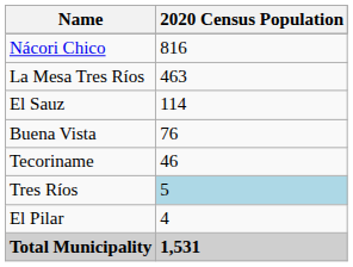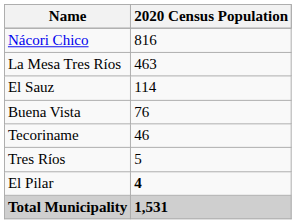 <table class="wikitable">
 <tr style="background:#000000; color:black;">
 <th><strong>Name</strong></th>
 <th><strong>2020 Census Population</strong></th>
 </tr>
 <tr>
 <td><a href='#'>Nácori Chico</a></td>
 <td>816</td>
 </tr>
 <tr>
 <td>La Mesa Tres Ríos</td>
 <td>463</td>
 </tr>
 <tr>
 <td>El Sauz</td>
 <td>114</td>
 </tr>
 <tr>
 <td>Buena Vista</td>
 <td>76</td>
 </tr>
 <tr>
 <td>Tecoriname</td>
 <td>46</td>
 </tr>
 <tr>
 <td>Tres Ríos</td>
-<td style="background: lightblue;">5</td>
+<td>5</td>
 </tr>
 <tr>
 <td>El Pilar</td>
-<td>4</td>
+<td><strong>4</strong></td>
 </tr>
 <tr style="background:#CFCFCF;">
 <td><strong>Total Municipality</strong></td>
 <td><strong>1,531</strong></td>
 </tr>
 </table>
